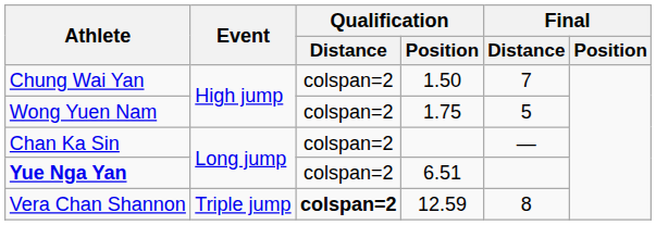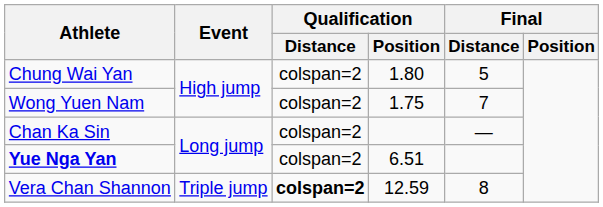 <table class=wikitable style=font-size:90%;text-align:center>
 <tr>
 <th rowspan=2>Athlete</th>
 <th rowspan=2>Event</th>
 <th colspan=2>Qualification</th>
 <th colspan=2>Final</th>
 </tr>
 <tr style=font-size:95%>
 <th>Distance</th>
 <th>Position</th>
 <th>Distance</th>
 <th>Position</th>
 </tr>
 <tr>
 <td align=left><a href='#'>Chung Wai Yan</a></td>
 <td align=left rowspan=2><a href='#'>High jump</a></td>
 <td>colspan=2 </td>
-<td>1.50</td>
-<td>7</td>
+<td>1.80</td>
+<td>5</td>
 </tr>
 <tr>
 <td align=left><a href='#'>Wong Yuen Nam</a></td>
 <td>colspan=2 </td>
 <td>1.75</td>
-<td>5</td>
+<td>7</td>
 </tr>
 <tr>
 <td align=left><a href='#'>Chan Ka Sin</a></td>
 <td align=left rowspan=2><a href='#'>Long jump</a></td>
 <td>colspan=2 </td>
 <td></td>
 <td>—</td>
 </tr>
 <tr>
 <td align=left><strong><a href='#'>Yue Nga Yan</a></strong></td>
 <td>colspan=2 </td>
 <td>6.51</td>
 <td></td>
 </tr>
 <tr>
 <td align=left><a href='#'>Vera Chan Shannon</a></td>
 <td align=left><a href='#'>Triple jump</a></td>
 <td><strong>colspan=2 </strong></td>
 <td>12.59</td>
 <td>8</td>
 </tr>
 </table>
